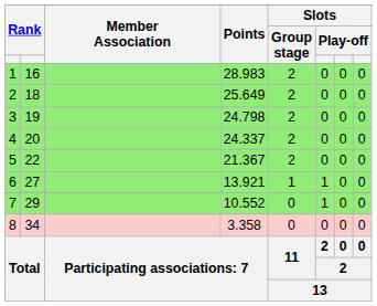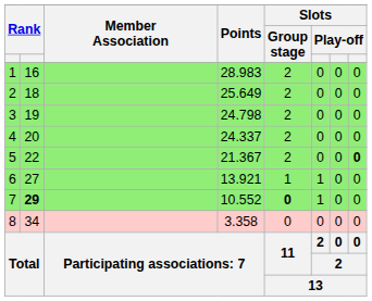 <table class="wikitable" style="text-align:center">
 <tr>
 </tr>
 <tr>
 <th colspan=2 rowspan=2><a href='#'>Rank</a></th>
 <th rowspan=3 width=200>Member<br>Association</th>
 <th rowspan=3>Points</th>
 <th colspan=4>Slots</th>
 </tr>
 <tr>
 <th rowspan=2>Group<br>stage</th>
 <th colspan=3>Play-off</th>
 </tr>
 <tr>
 <th></th>
 <th></th>
 <th></th>
 <th></th>
 <th></th>
 </tr>
 <tr bgcolor=#90ee77>
 <td>1</td>
 <td>16</td>
 <td align=left></td>
 <td>28.983</td>
 <td>2</td>
 <td>0</td>
 <td>0</td>
 <td>0</td>
 </tr>
 <tr bgcolor=#90ee77>
 <td>2</td>
 <td>18</td>
 <td align=left></td>
 <td>25.649</td>
 <td>2</td>
 <td>0</td>
 <td>0</td>
 <td>0</td>
 </tr>
 <tr bgcolor=#90ee77>
 <td>3</td>
 <td>19</td>
 <td align=left></td>
 <td>24.798</td>
 <td>2</td>
 <td>0</td>
 <td>0</td>
 <td>0</td>
 </tr>
 <tr bgcolor=#90ee77>
 <td>4</td>
 <td>20</td>
 <td align=left></td>
 <td>24.337</td>
 <td>2</td>
 <td>0</td>
 <td>0</td>
 <td>0</td>
 </tr>
 <tr bgcolor=#90ee77>
 <td>5</td>
 <td>22</td>
 <td align=left></td>
 <td>21.367</td>
 <td>2</td>
 <td>0</td>
 <td>0</td>
-<td>0</td>
+<td><strong>0</strong></td>
 </tr>
 <tr bgcolor=#90ee77>
 <td>6</td>
 <td>27</td>
 <td align=left></td>
 <td>13.921</td>
 <td>1</td>
 <td>1</td>
 <td>0</td>
 <td>0</td>
 </tr>
 <tr bgcolor=#90ee77>
 <td>7</td>
-<td>29</td>
+<td><strong>29</strong></td>
 <td align=left></td>
 <td>10.552</td>
-<td>0</td>
+<td><strong>0</strong></td>
 <td>1</td>
 <td>0</td>
 <td>0</td>
 </tr>
 <tr bgcolor=#ffcccc>
 <td>8</td>
 <td>34</td>
 <td align=left></td>
 <td>3.358</td>
 <td>0</td>
 <td>0</td>
 <td>0</td>
 <td>0</td>
 </tr>
 <tr>
 <th colspan=2 rowspan=3>Total</th>
 <th colspan=2 rowspan=3>Participating associations: 7</th>
 <th rowspan=2>11</th>
 <th>2</th>
 <th>0</th>
 <th>0</th>
 </tr>
 <tr>
 <th colspan=3>2</th>
 </tr>
 <tr>
 <th colspan=4>13</th>
 </tr>
 </table>
